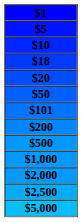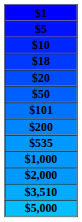 <table border=1 cellspacing=0 cellpadding=1 width=100px|->
 <tr>
 <td bgcolor="#0000FF" align=center><span><strong>$1</strong></span></td>
 </tr>
 <tr>
 <td bgcolor="#0013FF" align=center><span><strong>$5</strong></span></td>
 </tr>
 <tr>
 <td bgcolor="#0026FF" align=center><span><strong>$10</strong></span></td>
 </tr>
 <tr>
 <td bgcolor="#0039FF" align=center><span><strong>$18</strong></span></td>
 </tr>
 <tr>
 <td bgcolor="#004DFF" align=center><span><strong>$20</strong></span></td>
 </tr>
 <tr>
 <td bgcolor="#0060FF" align=center><span><strong>$50</strong></span></td>
 </tr>
 <tr>
 <td bgcolor="#0073FF" align=center><span><strong>$101</strong></span></td>
 </tr>
 <tr>
 <td bgcolor="#0086FF" align=center><span><strong>$200</strong></span></td>
 </tr>
 <tr>
-<td bgcolor="#0099FF" align=center><span><strong>$500</strong></span></td>
+<td bgcolor="#0099FF" align=center><span><strong>$535</strong></span></td>
 </tr>
 <tr>
 <td bgcolor="#0099FF" align=center><span><strong>$1,000</strong></span></td>
 </tr>
 <tr>
 <td bgcolor="#0099FF" align=center><span><strong>$2,000</strong></span></td>
 </tr>
 <tr>
-<td bgcolor="#00ACFF" align=center><span><strong>$2,500</strong></span></td>
+<td bgcolor="#00ACFF" align=center><span><strong>$3,510</strong></span></td>
 </tr>
 <tr>
 <td bgcolor="#00BFFF" align=center><span><strong>$5,000</strong></span></td>
 </tr>
 </table>
